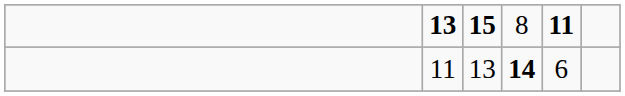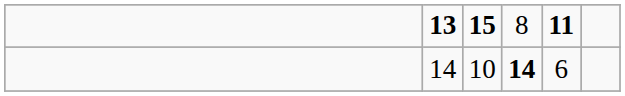 <table class="wikitable">
 <tr>
 <td style="width:15em"></td>
 <td align=center style="width:1em"><strong>13</strong></td>
 <td align=center style="width:1em"><strong>15</strong></td>
 <td align=center style="width:1em">8</td>
 <td align=center style="width:1em"><strong>11</strong></td>
 <td align=center style="width:1em"></td>
 </tr>
 <tr>
 <td style="width:15em"></td>
-<td align=center style="width:1em">11</td>
-<td align=center style="width:1em">13</td>
+<td align=center style="width:1em">14</td>
+<td align=center style="width:1em">10</td>
 <td align=center style="width:1em"><strong>14</strong></td>
 <td align=center style="width:1em">6</td>
 <td align=center style="width:1em"></td>
 </tr>
 </table>
